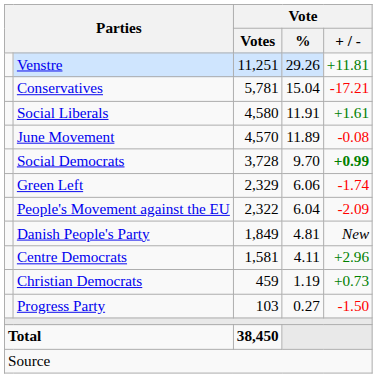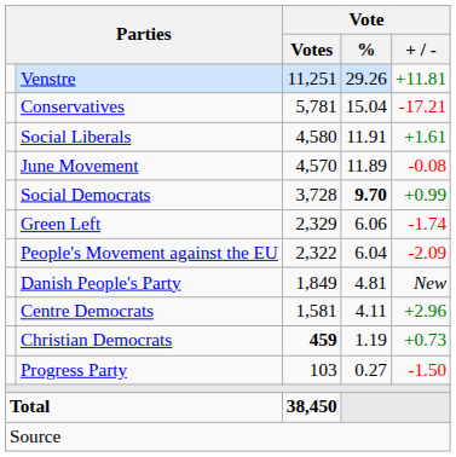 <table class="wikitable" style="text-align:right;">
 <tr>
 <th style="text-align:centre;" rowspan="2" colspan="2" width="225">Parties</th>
 <th colspan="3">Vote</th>
 </tr>
 <tr>
 <th width="15">Votes</th>
 <th width="15">%</th>
 <th width="15">+ / -</th>
 </tr>
 <tr>
 <td width="2" style="color:inherit;background:"></td>
 <td bgcolor=#cfe5fe   align="left"><a href='#'>Venstre</a></td>
 <td bgcolor=#cfe5fe>11,251</td>
 <td bgcolor=#cfe5fe>29.26</td>
 <td style=color:green;>+11.81</td>
 </tr>
 <tr>
 <td width="2" style="color:inherit;background:"></td>
 <td align="left"><a href='#'>Conservatives</a></td>
 <td>5,781</td>
 <td>15.04</td>
 <td style=color:red;>-17.21</td>
 </tr>
 <tr>
 <td width="2" style="color:inherit;background:"></td>
 <td align="left"><a href='#'>Social Liberals</a></td>
 <td>4,580</td>
 <td>11.91</td>
 <td style=color:green;>+1.61</td>
 </tr>
 <tr>
 <td width="2" style="color:inherit;background:"></td>
 <td align="left"><a href='#'>June Movement</a></td>
 <td>4,570</td>
 <td>11.89</td>
 <td style=color:red;>-0.08</td>
 </tr>
 <tr>
 <td width="2" style="color:inherit;background:"></td>
 <td align="left"><a href='#'>Social Democrats</a></td>
 <td>3,728</td>
-<td>9.70</td>
-<td style=color:green;><strong>+0.99</strong></td>
+<td><strong>9.70</strong></td>
+<td style=color:green;>+0.99</td>
 </tr>
 <tr>
 <td width="2" style="color:inherit;background:"></td>
 <td align="left"><a href='#'>Green Left</a></td>
 <td>2,329</td>
 <td>6.06</td>
 <td style=color:red;>-1.74</td>
 </tr>
 <tr>
 <td width="2" style="color:inherit;background:"></td>
 <td align="left"><a href='#'>People's Movement against the EU</a></td>
 <td>2,322</td>
 <td>6.04</td>
 <td style=color:red;>-2.09</td>
 </tr>
 <tr>
 <td width="2" style="color:inherit;background:"></td>
 <td align="left"><a href='#'>Danish People's Party</a></td>
 <td>1,849</td>
 <td>4.81</td>
 <td><em>New</em></td>
 </tr>
 <tr>
 <td width="2" style="color:inherit;background:"></td>
 <td align="left"><a href='#'>Centre Democrats</a></td>
 <td>1,581</td>
 <td>4.11</td>
 <td style=color:green;>+2.96</td>
 </tr>
 <tr>
 <td width="2" style="color:inherit;background:"></td>
 <td align="left"><a href='#'>Christian Democrats</a></td>
-<td>459</td>
+<td><strong>459</strong></td>
 <td>1.19</td>
 <td style=color:green;>+0.73</td>
 </tr>
 <tr>
 <td width="2" style="color:inherit;background:"></td>
 <td align="left"><a href='#'>Progress Party</a></td>
 <td>103</td>
 <td>0.27</td>
 <td style=color:red;>-1.50</td>
 </tr>
 <tr>
 <td colspan="7" bgcolor="#E9E9E9"></td>
 </tr>
 <tr>
 <td align="left" colspan="2"><strong>Total</strong></td>
 <td><strong>38,450</strong></td>
 <td bgcolor="#E9E9E9" colspan="2"></td>
 </tr>
 <tr>
 <td align="left" colspan="6">Source</td>
 </tr>
 </table>
